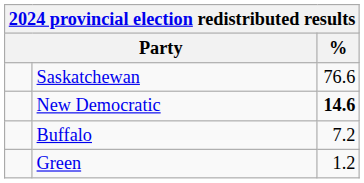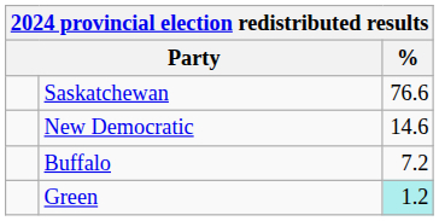 <table class="wikitable">
 <tr>
 <th colspan="4"><a href='#'>2024 provincial election</a> redistributed results</th>
 </tr>
 <tr>
 <th bgcolor="#DDDDFF" width="130px" colspan="2">Party</th>
 <th bgcolor="#DDDDFF" width="30px">%</th>
 </tr>
 <tr>
 <td> </td>
 <td><a href='#'>Saskatchewan</a></td>
 <td align=right>76.6</td>
 </tr>
 <tr>
 <td> </td>
 <td><a href='#'>New Democratic</a></td>
-<td align=right><strong>14.6</strong></td>
+<td align=right>14.6</td>
 </tr>
 <tr>
 <td> </td>
 <td><a href='#'>Buffalo</a></td>
 <td align=right>7.2</td>
 </tr>
 <tr>
 <td> </td>
 <td><a href='#'>Green</a></td>
-<td align=right>1.2</td>
+<td align=right style="background: paleturquoise;">1.2</td>
 </tr>
 </table>
